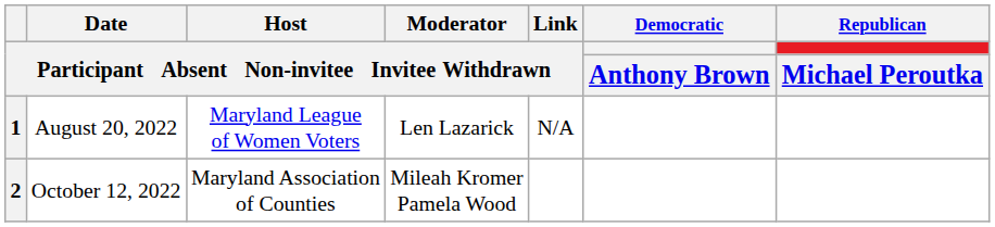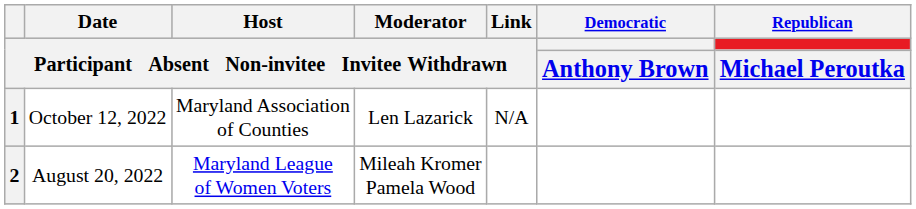 <table class="wikitable mw-collapsible"  style="text-align:center;">
 <tr style="font-size:small;">
 <th scope="col"></th>
 <th scope="col">Date</th>
 <th scope="col">Host</th>
 <th scope="col">Moderator</th>
 <th scope="col">Link</th>
 <th scope="col"><small><a href='#'>Democratic</a></small></th>
 <th scope="col"><small><a href='#'>Republican</a></small></th>
 </tr>
 <tr>
 <th colspan="5" rowspan="2"> <small>Participant  </small> <small>Absent  </small> <small>Non-invitee  </small> <small>Invitee</small>  <small>Withdrawn</small></th>
 <th scope="col" style="background:"></th>
 <th scope="col" style="background:#E81B23;"></th>
 </tr>
 <tr>
 <th scope="col"><a href='#'>Anthony Brown</a></th>
 <th scope="col"><a href='#'>Michael Peroutka</a></th>
 </tr>
 <tr style="background:#FFFFFF;font-size:small;">
 <th scope="row">1</th>
-<td style="white-space:nowrap;">August 20, 2022</td>
-<td style="white-space:nowrap;"><a href='#'>Maryland League<br>of Women Voters</a></td>
+<td style="white-space:nowrap;">October 12, 2022</td>
+<td style="white-space:nowrap;">Maryland Association<br>of Counties</td>
 <td style="white-space:nowrap;">Len Lazarick</td>
 <td style="white-space:nowrap;">N/A</td>
 <td></td>
 <td></td>
 </tr>
 <tr style="background:#FFFFFF;font-size:small;">
 <th scope="row">2</th>
-<td style="white-space:nowrap;">October 12, 2022</td>
-<td style="white-space:nowrap;">Maryland Association<br>of Counties</td>
+<td style="white-space:nowrap;">August 20, 2022</td>
+<td style="white-space:nowrap;"><a href='#'>Maryland League<br>of Women Voters</a></td>
 <td style="white-space:nowrap;">Mileah Kromer<br>Pamela Wood</td>
 <td style="white-space:nowrap;"><br></td>
 <td></td>
 <td></td>
 </tr>
 </table>
